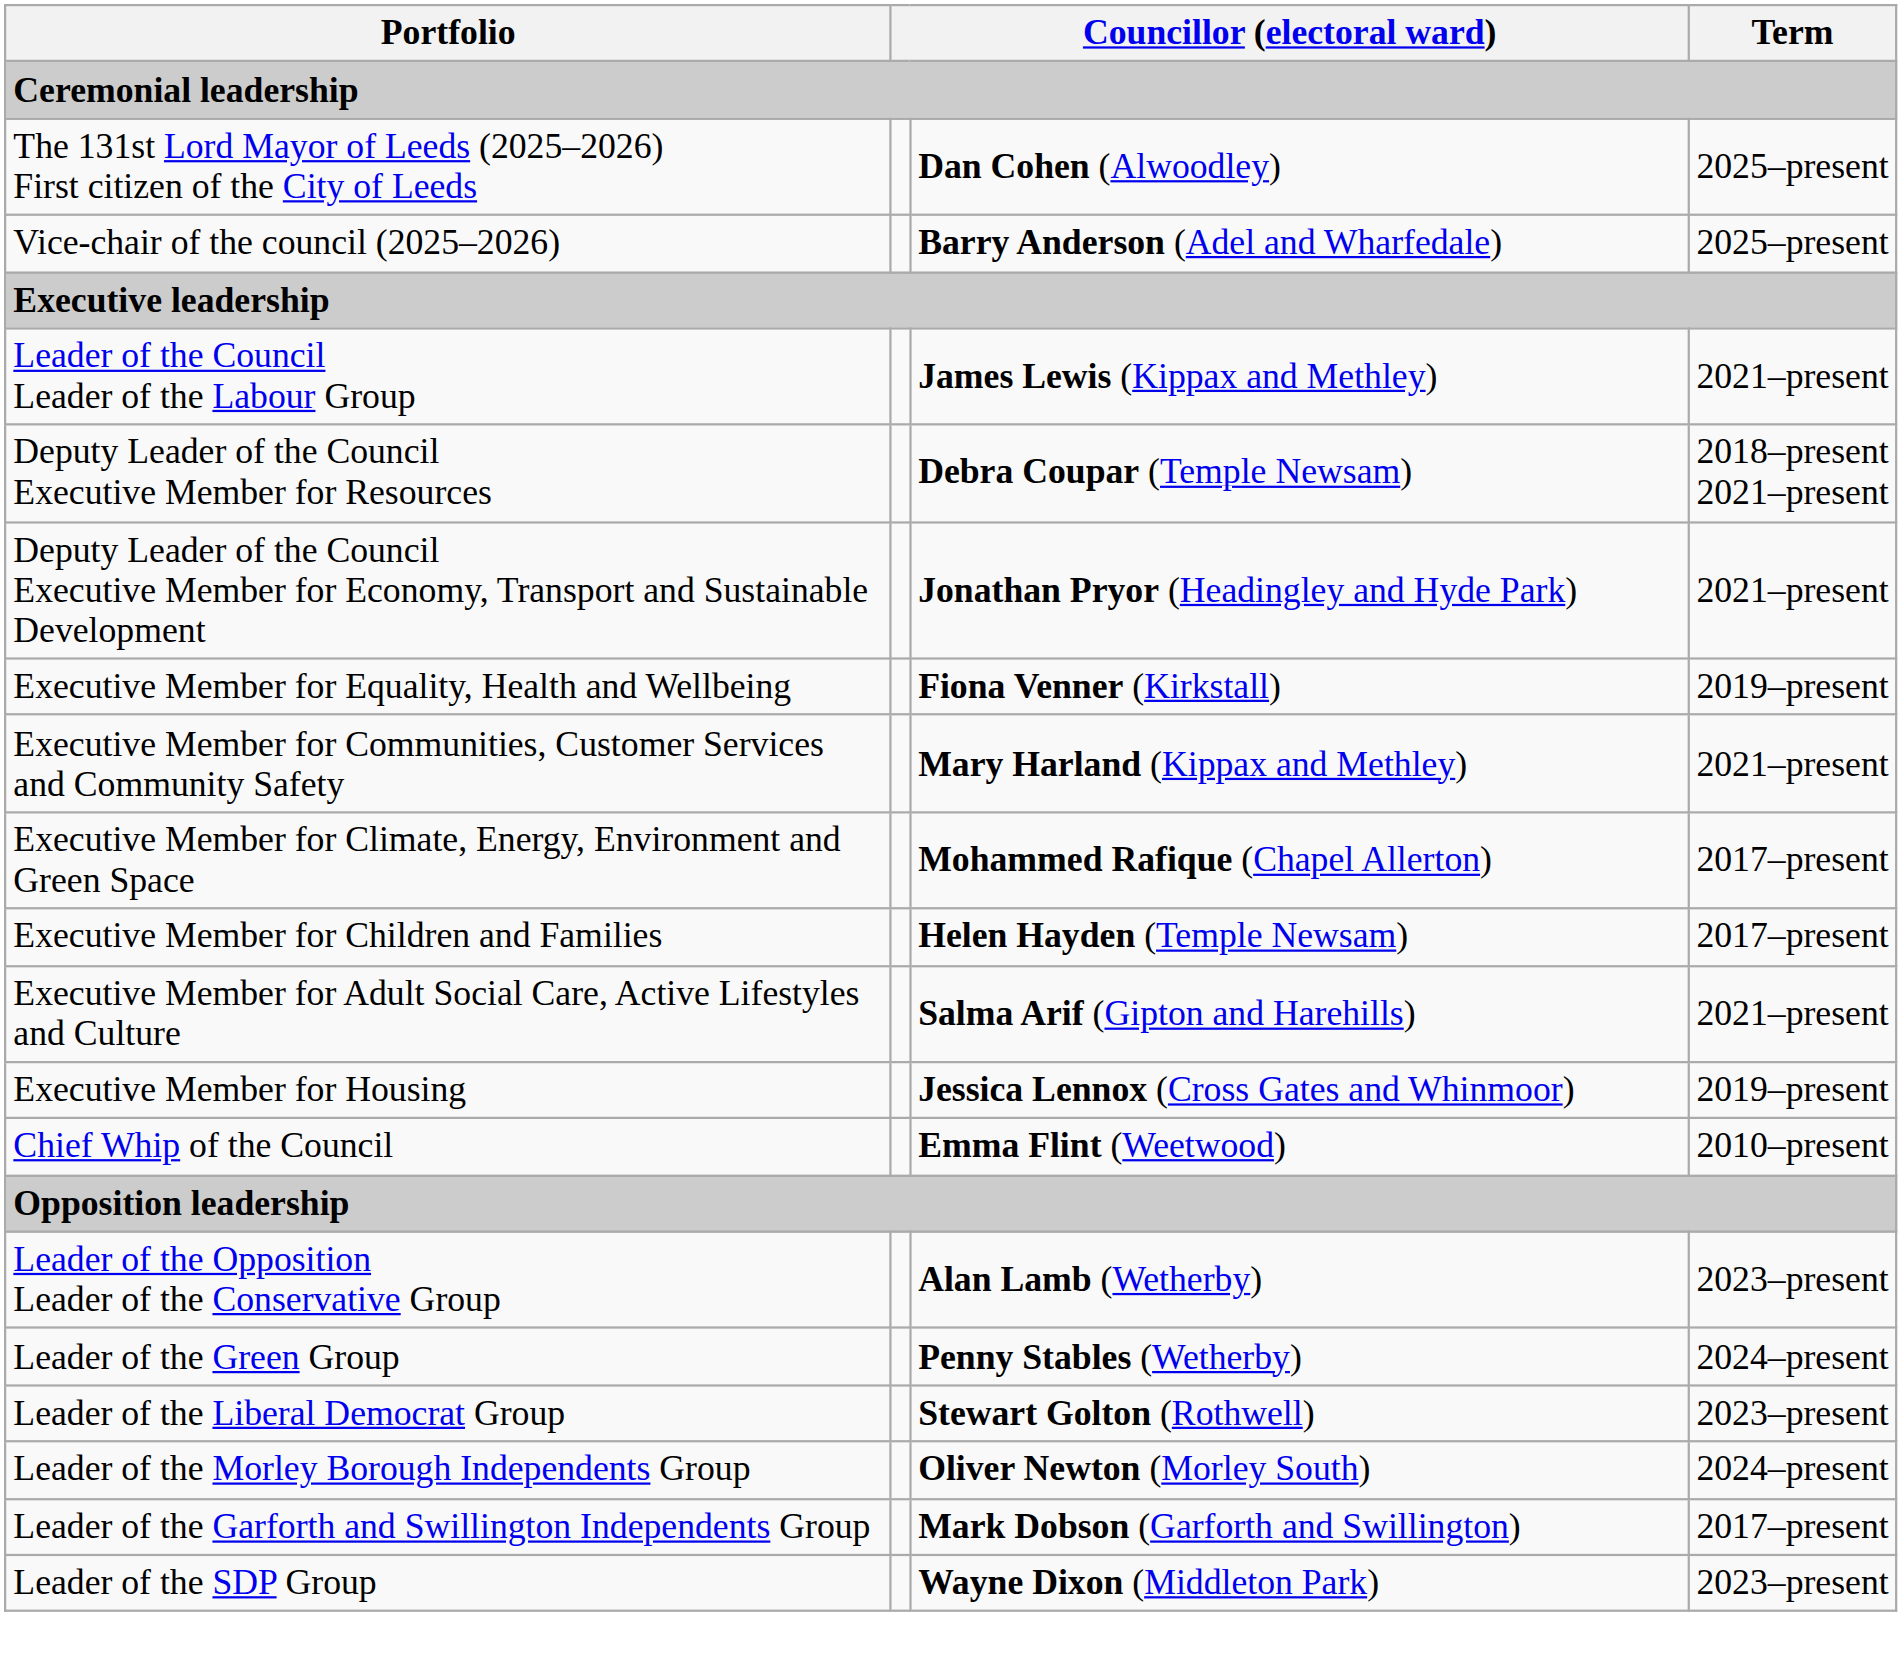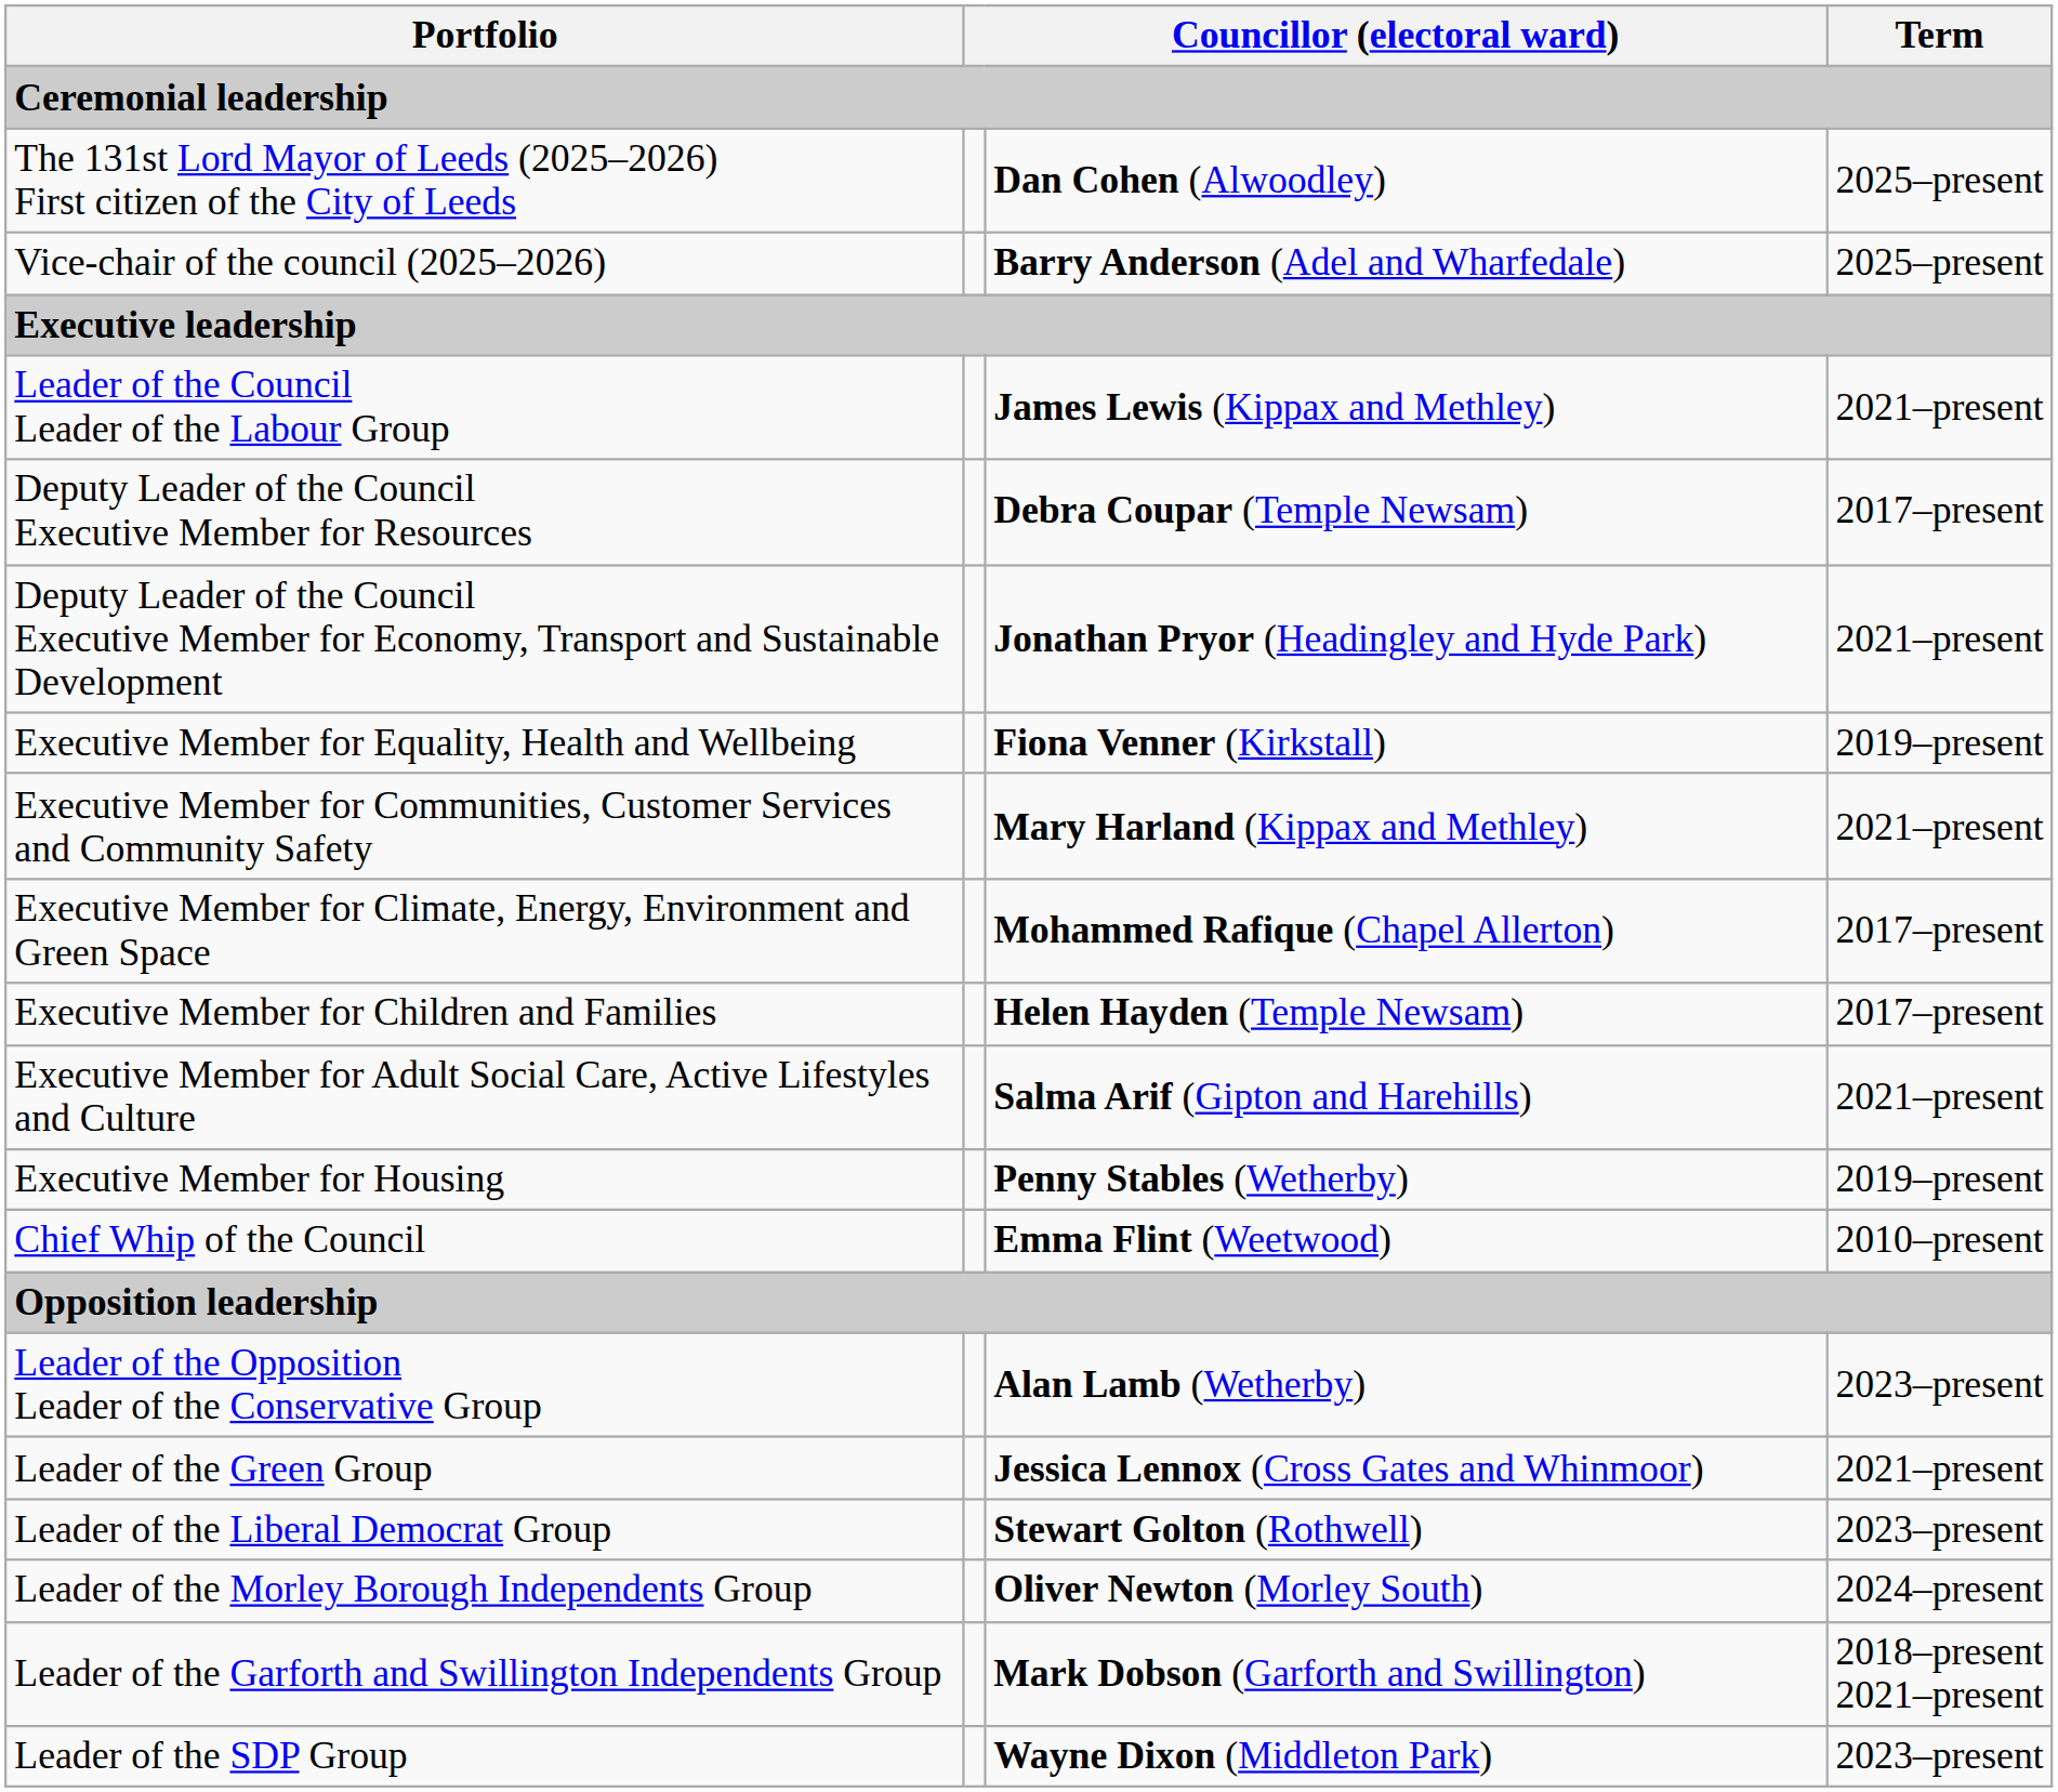 <table class="wikitable">
 <tr>
 <th width=390>Portfolio</th>
 <th colspan="2" width=350><a href='#'>Councillor</a> (<a href='#'>electoral ward</a>)</th>
 <th>Term</th>
 </tr>
 <tr>
 <td style="background:#ccc;" colspan="4"><strong>Ceremonial leadership</strong></td>
 </tr>
 <tr>
 <td>The 131st <a href='#'>Lord Mayor of Leeds</a> (2025–2026)<br>First citizen of the <a href='#'>City of Leeds</a></td>
 <td width="1" style="color:inherit;background:"></td>
 <td><strong>Dan Cohen</strong> (<a href='#'>Alwoodley</a>)<br></td>
 <td>2025–present</td>
 </tr>
 <tr>
 <td>Vice-chair of the council (2025–2026)</td>
 <td width="1" style="color:inherit;background:"></td>
 <td><strong>Barry Anderson</strong> (<a href='#'>Adel and Wharfedale</a>)</td>
 <td>2025–present</td>
 </tr>
 <tr>
 <td style="background:#ccc;" colspan="4"><strong>Executive leadership</strong></td>
 </tr>
 <tr>
 <td><a href='#'>Leader of the Council</a><br>Leader of the <a href='#'>Labour</a> Group</td>
 <td width="1" style="color:inherit;background:"></td>
 <td><strong>James Lewis</strong> (<a href='#'>Kippax and Methley</a>)</td>
 <td>2021–present</td>
 </tr>
 <tr>
 <td>Deputy Leader of the Council<br>Executive Member for Resources</td>
 <td width="1" style="color:inherit;background:"></td>
 <td><strong>Debra Coupar</strong> (<a href='#'>Temple Newsam</a>)</td>
-<td>2018–present <br>2021–present</td>
+<td>2017–present</td>
 </tr>
 <tr>
 <td>Deputy Leader of the Council<br>Executive Member for Economy, Transport and Sustainable Development</td>
 <td width="1" style="color:inherit;background:"></td>
 <td><strong>Jonathan Pryor</strong> (<a href='#'>Headingley and Hyde Park</a>)</td>
 <td>2021–present</td>
 </tr>
 <tr>
 <td>Executive Member for Equality, Health and Wellbeing</td>
 <td width="1" style="color:inherit;background:"></td>
 <td><strong>Fiona Venner</strong> (<a href='#'>Kirkstall</a>)</td>
 <td>2019–present</td>
 </tr>
 <tr>
 <td>Executive Member for Communities, Customer Services and Community Safety</td>
 <td width="1" style="color:inherit;background:"></td>
 <td><strong>Mary Harland</strong> (<a href='#'>Kippax and Methley</a>)</td>
 <td>2021–present</td>
 </tr>
 <tr>
 <td>Executive Member for Climate, Energy, Environment and Green Space</td>
 <td width="1" style="color:inherit;background:"></td>
 <td><strong>Mohammed Rafique</strong> (<a href='#'>Chapel Allerton</a>)</td>
 <td>2017–present</td>
 </tr>
 <tr>
 <td>Executive Member for Children and Families</td>
 <td width="1" style="color:inherit;background:"></td>
 <td><strong>Helen Hayden</strong> (<a href='#'>Temple Newsam</a>)<br></td>
 <td>2017–present</td>
 </tr>
 <tr>
 <td>Executive Member for Adult Social Care, Active Lifestyles and Culture</td>
 <td width="1" style="color:inherit;background:"></td>
 <td><strong>Salma Arif</strong> (<a href='#'>Gipton and Harehills</a>)</td>
 <td>2021–present</td>
 </tr>
 <tr>
 <td>Executive Member for Housing</td>
 <td width="1" style="color:inherit;background:"></td>
-<td><strong>Jessica Lennox</strong> (<a href='#'>Cross Gates and Whinmoor</a>)</td>
+<td><strong>Penny Stables</strong> (<a href='#'>Wetherby</a>)</td>
 <td>2019–present</td>
 </tr>
 <tr>
 <td><a href='#'>Chief Whip</a> of the Council</td>
 <td width="1" style="color:inherit;background:"></td>
 <td><strong>Emma Flint</strong> (<a href='#'>Weetwood</a>)</td>
 <td>2010–present</td>
 </tr>
 <tr>
 <td style="background:#ccc;" colspan="4"><strong>Opposition leadership</strong></td>
 </tr>
 <tr>
 <td><a href='#'>Leader of the Opposition</a><br>Leader of the <a href='#'>Conservative</a> Group</td>
 <td width="1" style="color:inherit;background:"></td>
 <td><strong>Alan Lamb</strong> (<a href='#'>Wetherby</a>)<br></td>
 <td>2023–present <br></td>
 </tr>
 <tr>
 <td>Leader of the <a href='#'>Green</a> Group</td>
 <td width="1" style="color:inherit;background:"></td>
-<td><strong>Penny Stables</strong> (<a href='#'>Wetherby</a>)</td>
-<td>2024–present</td>
+<td><strong>Jessica Lennox</strong> (<a href='#'>Cross Gates and Whinmoor</a>)</td>
+<td>2021–present</td>
 </tr>
 <tr>
 <td>Leader of the <a href='#'>Liberal Democrat</a> Group</td>
 <td width="1" style="color:inherit;background:"></td>
 <td><strong>Stewart Golton</strong> (<a href='#'>Rothwell</a>)</td>
 <td>2023–present</td>
 </tr>
 <tr>
 <td>Leader of the <a href='#'>Morley Borough Independents</a> Group</td>
 <td width="1" style="color:inherit;background:"></td>
 <td><strong>Oliver Newton</strong> (<a href='#'>Morley South</a>)</td>
 <td>2024–present</td>
 </tr>
 <tr>
 <td>Leader of the <a href='#'>Garforth and Swillington Independents</a> Group</td>
 <td width="1" style="color:inherit;background:"></td>
 <td><strong>Mark Dobson</strong> (<a href='#'>Garforth and Swillington</a>)</td>
-<td>2017–present</td>
+<td>2018–present <br>2021–present</td>
 </tr>
 <tr>
 <td>Leader of the <a href='#'>SDP</a> Group</td>
 <td width="1" style="color:inherit;background:"></td>
 <td><strong>Wayne Dixon</strong> (<a href='#'>Middleton Park</a>)</td>
 <td>2023–present</td>
 </tr>
 </table>
